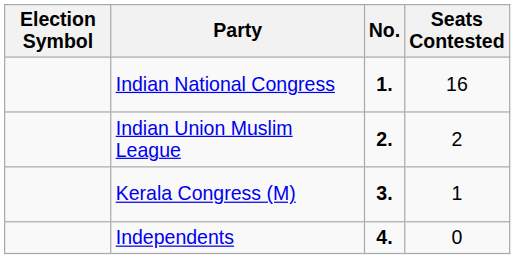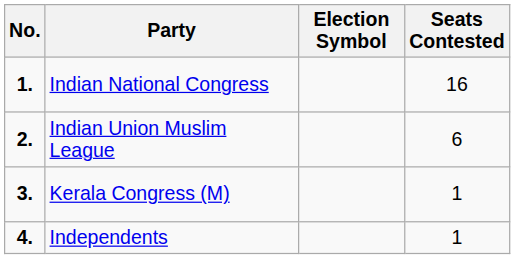 <table class="wikitable">
 <tr>
+<th scope="col" style="width:4px;">No.</th>
+<th scope="col" style="width:200px;">Party</th>
 <th scope="col" style="width:80px;">Election Symbol</th>
-<th scope="col" style="width:200px;">Party</th>
-<th scope="col" style="width:4px;">No.</th>
 <th scope="col" style="width:60px;">Seats Contested</th>
 </tr>
 <tr style="height: 45px;">
+<td style="text-align:center; background:"><strong>1.</strong></td>
+<td><a href='#'>Indian National Congress</a></td>
 <td style="text-align:center;"></td>
-<td><a href='#'>Indian National Congress</a></td>
-<td style="text-align:center; background:"><strong>1.</strong></td>
 <td style="text-align:center;">16</td>
 </tr>
 <tr style="height: 45px;">
+<td style="text-align:center; background:"><strong>2.</strong></td>
+<td><a href='#'>Indian Union Muslim League</a></td>
 <td style="text-align:center;"></td>
-<td><a href='#'>Indian Union Muslim League</a></td>
-<td style="text-align:center; background:"><strong>2.</strong></td>
-<td style="text-align:center;">2</td>
+<td style="text-align:center;">6</td>
 </tr>
 <tr style="height: 45px;">
+<td style="text-align:center; background:"><strong>3.</strong></td>
+<td><a href='#'>Kerala Congress (M)</a></td>
 <td style="text-align:center;"></td>
-<td><a href='#'>Kerala Congress (M)</a></td>
-<td style="text-align:center; background:"><strong>3.</strong></td>
 <td style="text-align:center;">1</td>
 </tr>
 <tr>
+<td style="text-align:center; background:"><strong>4.</strong></td>
+<td><a href='#'>Independents</a></td>
 <td style="text-align:center;"></td>
-<td><a href='#'>Independents</a></td>
-<td style="text-align:center; background:"><strong>4.</strong></td>
-<td style="text-align:center;">0</td>
+<td style="text-align:center;">1</td>
 </tr>
 </table>
